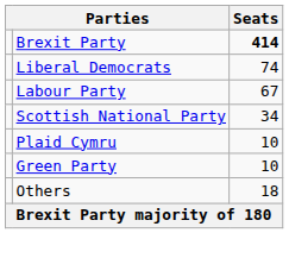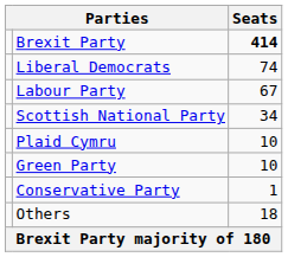 <table class="wikitable">
 <tr>
 <th colspan="2" style="vertical-align:top;">Parties</th>
 <th style="vertical-align:top;">Seats</th>
 </tr>
 <tr>
 <td style="color:inherit;background:"></td>
 <td><a href='#'>Brexit Party</a></td>
 <td style="text-align:right;"><strong>414</strong></td>
 </tr>
 <tr>
 <td style="color:inherit;background:"></td>
 <td><a href='#'>Liberal Democrats</a></td>
 <td style="text-align:right;">74</td>
 </tr>
 <tr>
 <td style="color:inherit;background:"></td>
 <td><a href='#'>Labour Party</a></td>
 <td style="text-align:right;">67</td>
 </tr>
 <tr>
 <td style="color:inherit;background:"></td>
 <td><a href='#'>Scottish National Party</a></td>
 <td style="text-align:right;">34</td>
 </tr>
 <tr>
 <td style="color:inherit;background:"></td>
 <td><a href='#'>Plaid Cymru</a></td>
 <td style="text-align:right;">10</td>
 </tr>
 <tr>
 <td style="color:inherit;background:"></td>
 <td><a href='#'>Green Party</a></td>
 <td style="text-align:right;">10</td>
 </tr>
 <tr>
 <td style="color:inherit;background:"></td>
+<td><a href='#'>Conservative Party</a></td>
+<td style="text-align:right;">1</td>
+</tr>
+<tr>
+<td style="color:inherit;background:"></td>
 <td>Others</td>
 <td style="text-align:right;">18</td>
 </tr>
 <tr>
 <th colspan="3"><strong>Brexit Party majority of 180</strong></th>
 </tr>
 </table>
